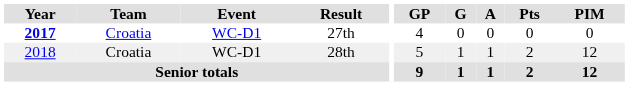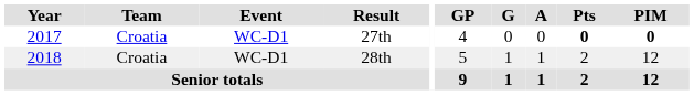 <table border="0" cellpadding="1" cellspacing="0" ID="Table3" style="text-align:center; width:40em">
 <tr ALIGN="center" bgcolor="#e0e0e0">
 <th>Year</th>
 <th>Team</th>
 <th>Event</th>
 <th>Result</th>
 <th rowspan="99" bgcolor="#ffffff"></th>
 <th>GP</th>
 <th>G</th>
 <th>A</th>
 <th>Pts</th>
 <th>PIM</th>
 </tr>
 <tr>
-<td><strong><a href='#'>2017</a></strong></td>
+<td><a href='#'>2017</a></td>
 <td><a href='#'>Croatia</a></td>
 <td><a href='#'>WC-D1</a></td>
 <td>27th</td>
 <td>4</td>
 <td>0</td>
 <td>0</td>
-<td>0</td>
-<td>0</td>
+<td><strong>0</strong></td>
+<td><strong>0</strong></td>
 </tr>
 <tr bgcolor=#f0f0f0>
 <td><a href='#'>2018</a></td>
 <td>Croatia</td>
 <td>WC-D1</td>
 <td>28th</td>
 <td>5</td>
 <td>1</td>
 <td>1</td>
 <td>2</td>
 <td>12</td>
 </tr>
 <tr ALIGN="center" bgcolor="#e0e0e0">
 <th colspan=4>Senior totals</th>
 <th>9</th>
 <th>1</th>
 <th>1</th>
 <th>2</th>
 <th>12</th>
 </tr>
 </table>
